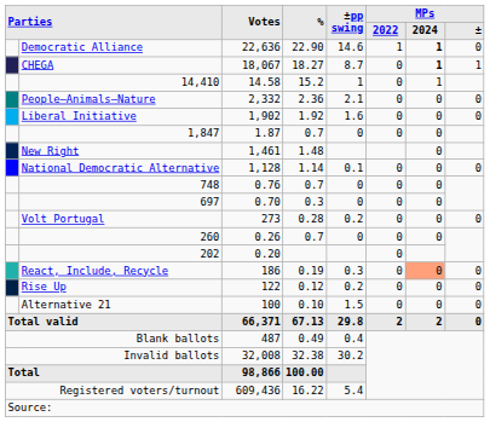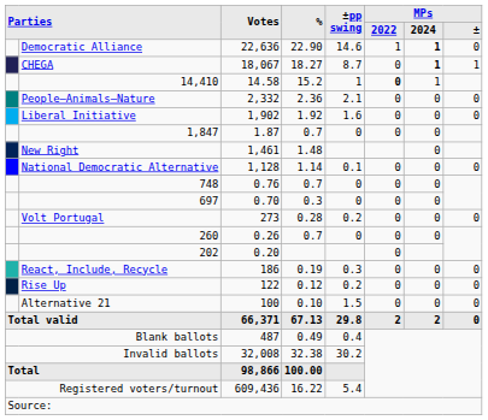 <table class="wikitable" style="text-align:right; font-size:95%;">
 <tr>
 <th rowspan="2" colspan="2" style="background:#e9e9e9; text-align:left;" alignleft><a href='#'>Parties</a></th>
 <th rowspan="2" style="background:#e9e9e9; text-align:right;">Votes</th>
 <th rowspan="2" style="background:#e9e9e9; text-align:right;">%</th>
 <th rowspan="2" style="background:#e9e9e9; text-align:right;">±<a href='#'>pp</a> <a href='#'>swing</a></th>
 <th colspan="3" style="background:#e9e9e9; text-align:center;"><a href='#'>MPs</a></th>
 </tr>
 <tr style="background-color:#E9E9E9">
 <th style="background-color:#E9E9E9;text-align:center;"><a href='#'>2022</a></th>
 <th style="background-color:#E9E9E9;text-align:center;">2024</th>
 <th style="background:#e9e9e9; text-align:right;">±</th>
 </tr>
 <tr>
 <td style="width: 10px"></td>
 <td align="left"><a href='#'>Democratic Alliance</a> </td>
 <td>22,636</td>
 <td>22.90</td>
 <td>14.6</td>
 <td>1</td>
 <td><strong>1</strong></td>
 <td>0</td>
 </tr>
 <tr>
 <td style="width: 10px" bgcolor="#202056" align="center"></td>
 <td align="left"><a href='#'>CHEGA</a></td>
 <td>18,067</td>
 <td>18.27</td>
 <td>8.7</td>
 <td>0</td>
 <td><strong>1</strong></td>
 <td>1</td>
 </tr>
 <tr>
 <td></td>
 <td>14,410</td>
 <td>14.58</td>
 <td>15.2</td>
 <td>1</td>
-<td>0</td>
+<td><strong>0</strong></td>
 <td>1</td>
 </tr>
 <tr>
 <td style="width: 10px" bgcolor="teal" align="center"></td>
 <td align="left"><a href='#'>People–Animals–Nature</a></td>
 <td>2,332</td>
 <td>2.36</td>
 <td>2.1</td>
 <td>0</td>
 <td>0</td>
 <td>0</td>
 </tr>
 <tr>
 <td style="width: 10px" bgcolor="#00ADEF" align="center"></td>
 <td align="left"><a href='#'>Liberal Initiative</a></td>
 <td>1,902</td>
 <td>1.92</td>
 <td>1.6</td>
 <td>0</td>
 <td>0</td>
 <td>0</td>
 </tr>
 <tr>
 <td></td>
 <td>1,847</td>
 <td>1.87</td>
 <td>0.7</td>
 <td>0</td>
 <td>0</td>
 <td>0</td>
 </tr>
 <tr>
 <td style="width: 10px" bgcolor="#012257" align="center"></td>
 <td align="left"><a href='#'>New Right</a></td>
 <td>1,461</td>
 <td>1.48</td>
 <td></td>
 <td></td>
 <td>0</td>
 <td></td>
 </tr>
 <tr>
 <td style="width: 10px" bgcolor="blue" align="center"></td>
 <td align="left"><a href='#'>National Democratic Alternative</a></td>
 <td>1,128</td>
 <td>1.14</td>
 <td>0.1</td>
 <td>0</td>
 <td>0</td>
 <td>0</td>
 </tr>
 <tr>
 <td></td>
 <td>748</td>
 <td>0.76</td>
 <td>0.7</td>
 <td>0</td>
 <td>0</td>
 <td>0</td>
 </tr>
 <tr>
 <td></td>
 <td>697</td>
 <td>0.70</td>
 <td>0.3</td>
 <td>0</td>
 <td>0</td>
 <td>0</td>
 </tr>
 <tr>
 <td style="width: 10px"></td>
 <td align="left"><a href='#'>Volt Portugal</a></td>
 <td>273</td>
 <td>0.28</td>
 <td>0.2</td>
 <td>0</td>
 <td>0</td>
 <td>0</td>
 </tr>
 <tr>
 <td></td>
 <td>260</td>
 <td>0.26</td>
 <td>0.7</td>
 <td>0</td>
 <td>0</td>
 <td>0</td>
 </tr>
 <tr>
 <td></td>
 <td>202</td>
 <td>0.20</td>
 <td></td>
 <td></td>
 <td>0</td>
 <td></td>
 </tr>
 <tr>
 <td style="width: 10px" bgcolor="LightSeaGreen" align="center"></td>
 <td align="left"><a href='#'>React, Include, Recycle</a></td>
 <td>186</td>
 <td>0.19</td>
 <td>0.3</td>
 <td>0</td>
-<td style="background: lightsalmon;">0</td>
+<td>0</td>
 <td>0</td>
 </tr>
 <tr>
 <td style="width: 10px" bgcolor="#002147" align="center"></td>
 <td align="left"><a href='#'>Rise Up</a></td>
 <td>122</td>
 <td>0.12</td>
 <td>0.2</td>
 <td>0</td>
 <td>0</td>
 <td>0</td>
 </tr>
 <tr>
 <td style="width: 10px"></td>
 <td align="left">Alternative 21 </td>
 <td>100</td>
 <td>0.10</td>
 <td>1.5</td>
 <td>0</td>
 <td>0</td>
 <td>0</td>
 </tr>
 <tr>
 <td colspan=2 align=left style="background-color:#E9E9E9"><strong>Total valid</strong></td>
 <td width="65" align="right" style="background-color:#E9E9E9"><strong>66,371</strong></td>
 <td width="40" align="right" style="background-color:#E9E9E9"><strong>67.13</strong></td>
 <td width="40" align="right" style="background-color:#E9E9E9"><strong>29.8</strong></td>
 <td width="40" align="right" style="background-color:#E9E9E9"><strong>2</strong></td>
 <td width="40" align="right" style="background-color:#E9E9E9"><strong>2</strong></td>
 <td width="40" align="right" style="background-color:#E9E9E9"><strong>0</strong></td>
 </tr>
 <tr>
 <td colspan=2>Blank ballots</td>
 <td>487</td>
 <td>0.49</td>
 <td>0.4</td>
 <td colspan=3 rowspan=4></td>
 </tr>
 <tr>
 <td colspan=2>Invalid ballots</td>
 <td>32,008</td>
 <td>32.38</td>
 <td>30.2</td>
 </tr>
 <tr>
 <td colspan=2 align=left style="background-color:#E9E9E9"><strong>Total</strong></td>
 <td width="50" align="right" style="background-color:#E9E9E9"><strong>98,866</strong></td>
 <td width="40" align="right" style="background-color:#E9E9E9"><strong>100.00</strong></td>
 <td width="40" align="right" style="background-color:#E9E9E9"></td>
 </tr>
 <tr>
 <td colspan=2>Registered voters/turnout</td>
 <td>609,436</td>
 <td>16.22</td>
 <td>5.4</td>
 </tr>
 <tr>
 <td colspan=8 align=left>Source: </td>
 </tr>
 </table>
